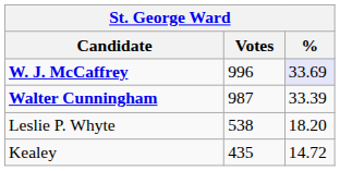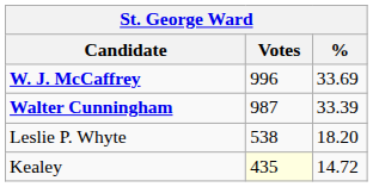 <table class="wikitable">
 <tr>
 <th colspan="3"><a href='#'>St. George Ward</a></th>
 </tr>
 <tr>
 <th style="width: 200px">Candidate</th>
 <th style="width: 50px">Votes</th>
 <th style="width: 40px">%</th>
 </tr>
 <tr>
 <td><strong><a href='#'>W. J. McCaffrey</a></strong></td>
 <td>996</td>
-<td style="background: lavender;">33.69</td>
+<td>33.69</td>
 </tr>
 <tr>
 <td><strong><a href='#'>Walter Cunningham</a></strong></td>
 <td>987</td>
 <td>33.39</td>
 </tr>
 <tr>
 <td>Leslie P. Whyte</td>
 <td>538</td>
 <td>18.20</td>
 </tr>
 <tr>
 <td>Kealey</td>
-<td>435</td>
+<td style="background: lightyellow;">435</td>
 <td>14.72</td>
 </tr>
 </table>
